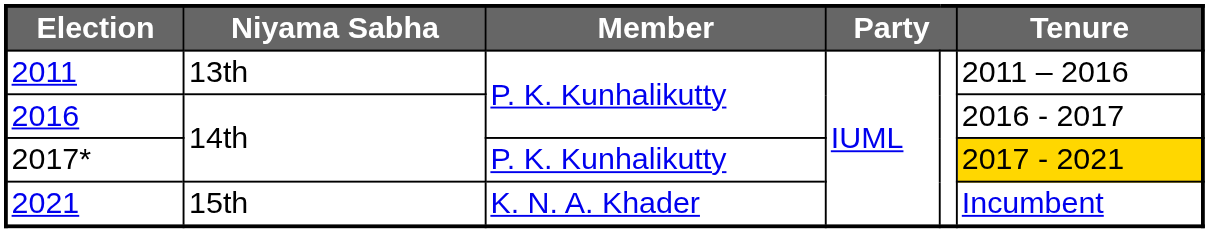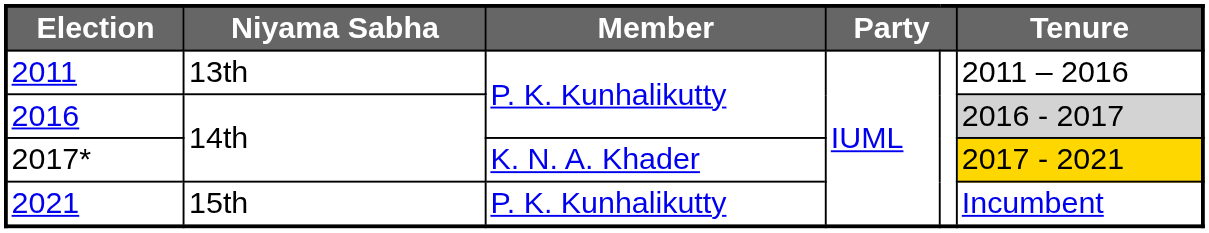 <table class="sortable" width="50%" cellpadding="2" cellspacing="0" border="1" style="border-collapse: collapse; border: 2px #000000 solid; font-size: x-big;">
 <tr>
 <th style="background-color:#666666; color:white">Election</th>
 <th style="background-color:#666666; color:white">Niyama Sabha</th>
 <th style="background-color:#666666; color:white">Member</th>
 <th style="background-color:#666666; color:white" colspan="2">Party</th>
 <th style="background-color:#666666; color:white">Tenure</th>
 </tr>
 <tr>
 <td><a href='#'>2011</a></td>
 <td>13th</td>
 <td rowspan="2"><a href='#'>P. K. Kunhalikutty</a></td>
 <td rowspan="4"><a href='#'>IUML</a></td>
 <td rowspan="4" width="4px" style="background-color: "></td>
 <td>2011 – 2016</td>
 </tr>
 <tr>
 <td><a href='#'>2016</a></td>
 <td rowspan="2">14th</td>
-<td>2016 - 2017</td>
+<td style="background: lightgrey;">2016 - 2017</td>
 </tr>
 <tr>
 <td>2017*</td>
-<td><a href='#'>P. K. Kunhalikutty</a></td>
+<td><a href='#'>K. N. A. Khader</a></td>
 <td style="background: gold;">2017 - 2021</td>
 </tr>
 <tr>
 <td><a href='#'>2021</a></td>
 <td>15th</td>
-<td><a href='#'>K. N. A. Khader</a></td>
+<td><a href='#'>P. K. Kunhalikutty</a></td>
 <td><a href='#'>Incumbent</a></td>
 </tr>
 </table>
